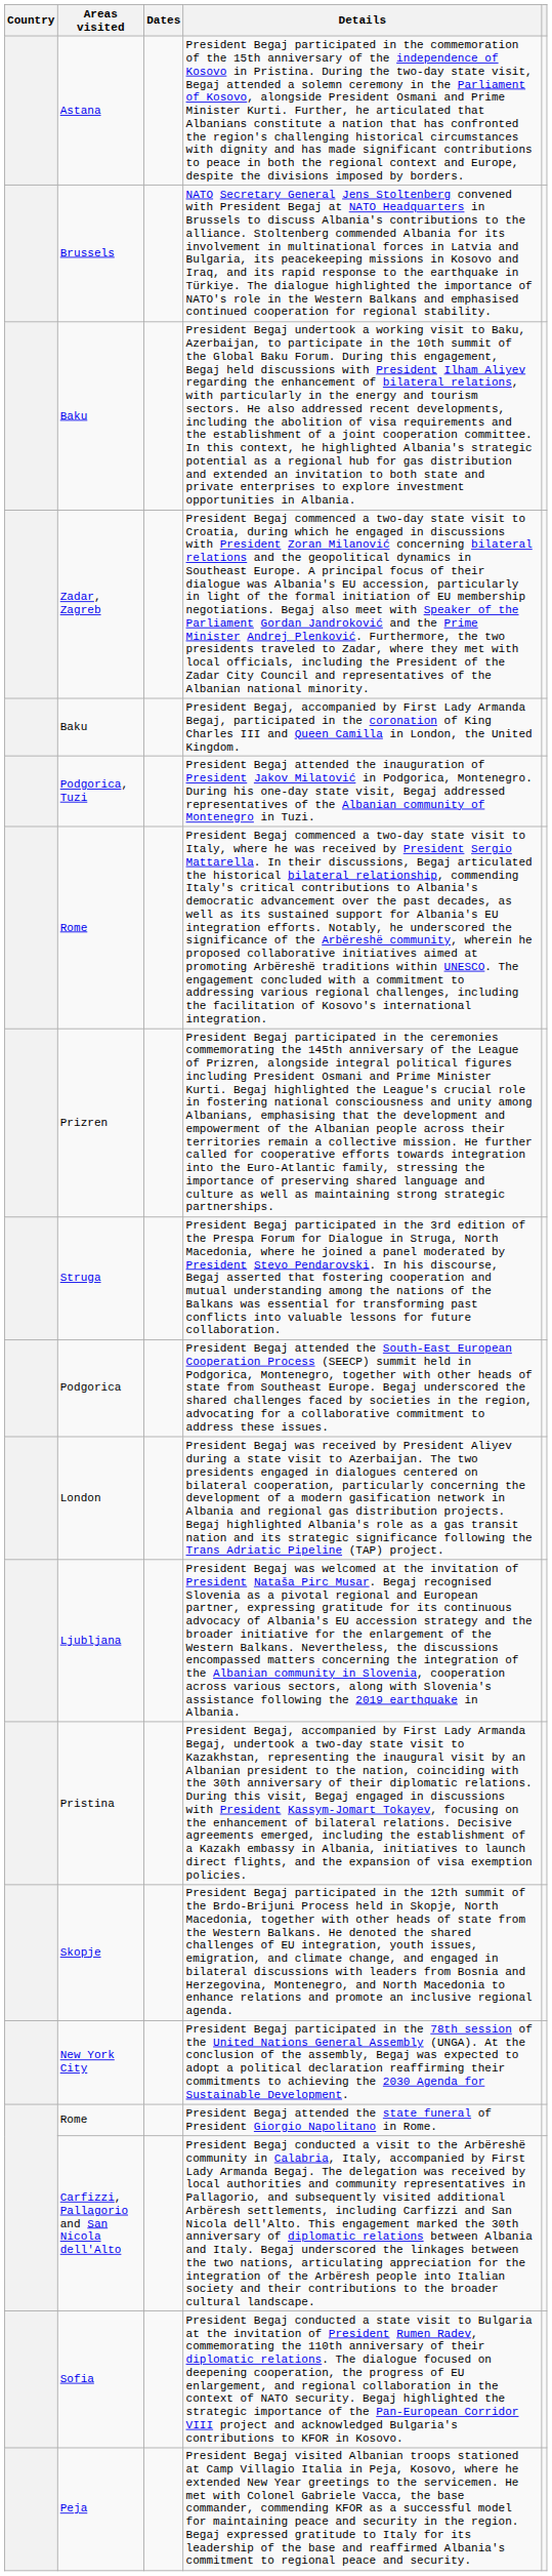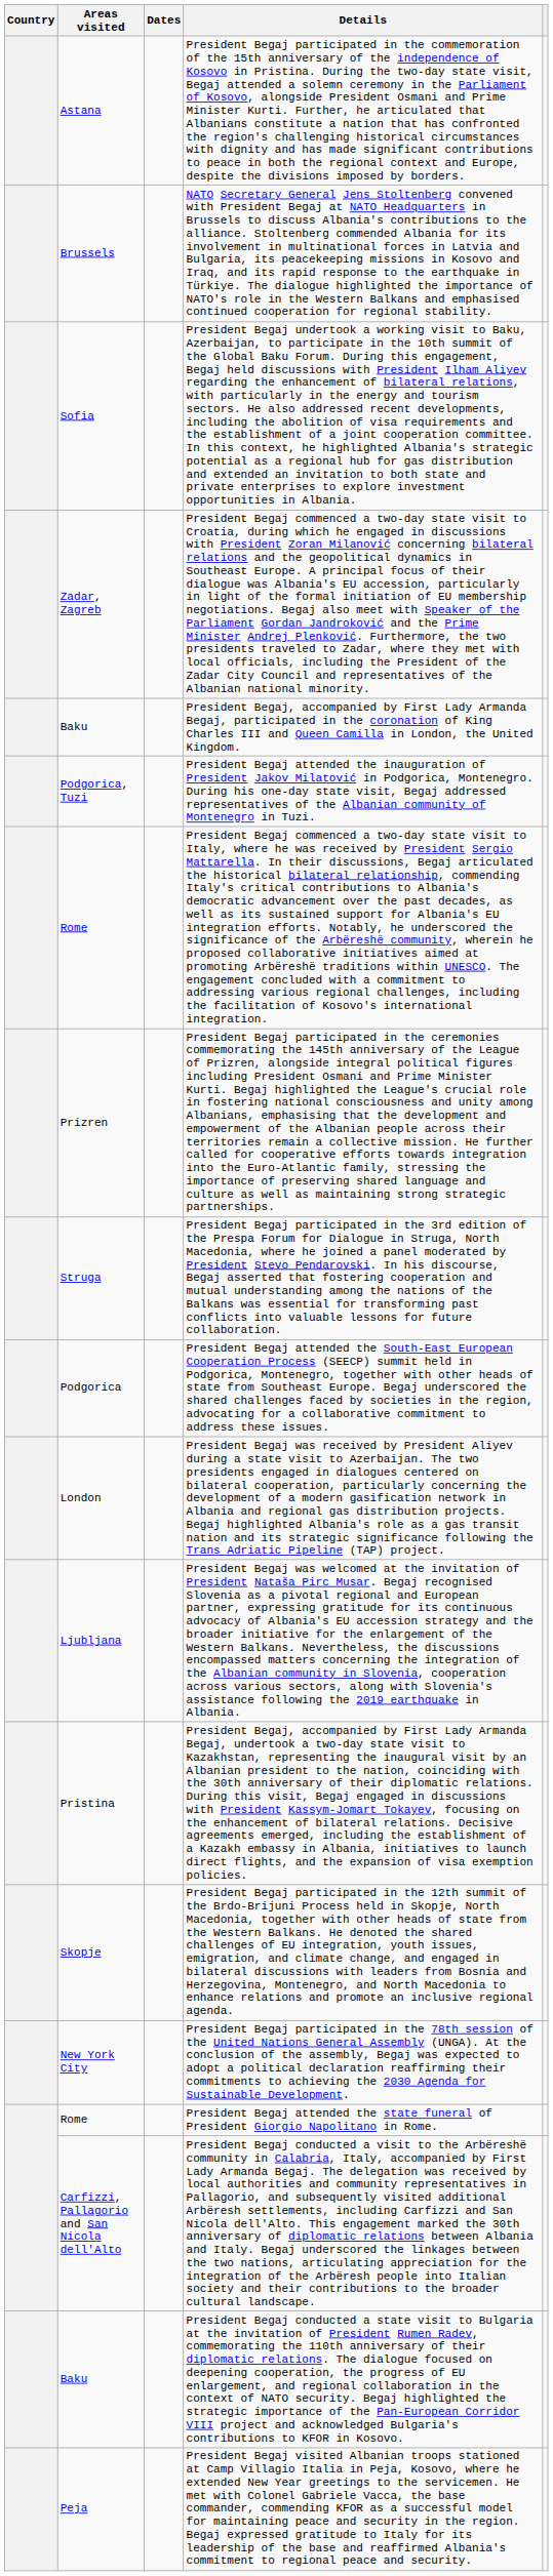 <table class="wikitable sortable" style="margin: 1em auto 1em auto">
 <tr>
 <th>Country</th>
 <th>Areas visited</th>
 <th>Dates</th>
 <th class="unsortable">Details</th>
 <th></th>
 </tr>
 <tr>
 <th></th>
 <td><a href='#'>Astana</a></td>
 <td></td>
 <td>President Begaj participated in the commemoration of the 15th anniversary of the <a href='#'>independence of Kosovo</a> in Pristina. During the two-day state visit, Begaj attended a solemn ceremony in the <a href='#'>Parliament of Kosovo</a>, alongside President Osmani and Prime Minister Kurti. Further, he articulated that Albanians constitute a nation that has confronted the region's challenging historical circumstances with dignity and has made significant contributions to peace in both the regional context and Europe, despite the divisions imposed by borders.</td>
 <td></td>
 </tr>
 <tr>
 <th></th>
 <td><a href='#'>Brussels</a></td>
 <td></td>
 <td><a href='#'>NATO</a> <a href='#'>Secretary General</a> <a href='#'>Jens Stoltenberg</a> convened with President Begaj at <a href='#'>NATO Headquarters</a> in Brussels to discuss Albania's contributions to the alliance. Stoltenberg commended Albania for its involvement in multinational forces in Latvia and Bulgaria, its peacekeeping missions in Kosovo and Iraq, and its rapid response to the earthquake in Türkiye. The dialogue highlighted the importance of NATO's role in the Western Balkans and emphasised continued cooperation for regional stability.</td>
 <td></td>
 </tr>
 <tr>
 <th></th>
-<td><a href='#'>Baku</a></td>
+<td><a href='#'>Sofia</a></td>
 <td></td>
 <td>President Begaj undertook a working visit to Baku, Azerbaijan, to participate in the 10th summit of the Global Baku Forum. During this engagement, Begaj held discussions with <a href='#'>President</a> <a href='#'>Ilham Aliyev</a> regarding the enhancement of <a href='#'>bilateral relations</a>, with particularly in the energy and tourism sectors. He also addressed recent developments, including the abolition of visa requirements and the establishment of a joint cooperation committee. In this context, he highlighted Albania's strategic potential as a regional hub for gas distribution and extended an invitation to both state and private enterprises to explore investment opportunities in Albania.</td>
 <td></td>
 </tr>
 <tr>
 <th></th>
 <td><a href='#'>Zadar</a>, <a href='#'>Zagreb</a></td>
 <td></td>
 <td>President Begaj commenced a two-day state visit to Croatia, during which he engaged in discussions with <a href='#'>President</a> <a href='#'>Zoran Milanović</a> concerning <a href='#'>bilateral relations</a> and the geopolitical dynamics in Southeast Europe. A principal focus of their dialogue was Albania's EU accession, particularly in light of the formal initiation of EU membership negotiations. Begaj also meet with <a href='#'>Speaker of the Parliament</a> <a href='#'>Gordan Jandroković</a> and the <a href='#'>Prime Minister</a> <a href='#'>Andrej Plenković</a>. Furthermore, the two presidents traveled to Zadar, where they met with local officials, including the President of the Zadar City Council and representatives of the Albanian national minority.</td>
 <td></td>
 </tr>
 <tr>
 <th></th>
 <td>Baku</td>
 <td></td>
 <td>President Begaj, accompanied by First Lady Armanda Begaj, participated in the <a href='#'>coronation</a> of King Charles III and <a href='#'>Queen Camilla</a> in London, the United Kingdom.</td>
 <td></td>
 </tr>
 <tr>
 <th></th>
 <td><a href='#'>Podgorica</a>, <a href='#'>Tuzi</a></td>
 <td></td>
 <td>President Begaj attended the inauguration of <a href='#'>President</a> <a href='#'>Jakov Milatović</a> in Podgorica, Montenegro. During his one-day state visit, Begaj addressed representatives of the <a href='#'>Albanian community of Montenegro</a> in Tuzi.</td>
 <td></td>
 </tr>
 <tr>
 <th></th>
 <td><a href='#'>Rome</a></td>
 <td></td>
 <td>President Begaj commenced a two-day state visit to Italy, where he was received by <a href='#'>President</a> <a href='#'>Sergio Mattarella</a>. In their discussions, Begaj articulated the historical <a href='#'>bilateral relationship</a>, commending Italy's critical contributions to Albania's democratic advancement over the past decades, as well as its sustained support for Albania's EU integration efforts. Notably, he underscored the significance of the <a href='#'>Arbëreshë community</a>, wherein he proposed collaborative initiatives aimed at promoting Arbëreshë traditions within <a href='#'>UNESCO</a>. The engagement concluded with a commitment to addressing various regional challenges, including the facilitation of Kosovo's international integration.</td>
 <td></td>
 </tr>
 <tr>
 <th></th>
 <td>Prizren</td>
 <td></td>
 <td>President Begaj participated in the ceremonies commemorating the 145th anniversary of the League of Prizren, alongside integral political figures including President Osmani and Prime Minister Kurti. Begaj highlighted the League's crucial role in fostering national consciousness and unity among Albanians, emphasising that the development and empowerment of the Albanian people across their territories remain a collective mission. He further called for cooperative efforts towards integration into the Euro-Atlantic family, stressing the importance of preserving shared language and culture as well as maintaining strong strategic partnerships.</td>
 <td></td>
 </tr>
 <tr>
 <th></th>
 <td><a href='#'>Struga</a></td>
 <td></td>
 <td>President Begaj participated in the 3rd edition of the Prespa Forum for Dialogue in Struga, North Macedonia, where he joined a panel moderated by <a href='#'>President</a> <a href='#'>Stevo Pendarovski</a>. In his discourse, Begaj asserted that fostering cooperation and mutual understanding among the nations of the Balkans was essential for transforming past conflicts into valuable lessons for future collaboration.</td>
 <td></td>
 </tr>
 <tr>
 <th></th>
 <td>Podgorica</td>
 <td></td>
 <td>President Begaj attended the <a href='#'>South-East European Cooperation Process</a> (SEECP) summit held in Podgorica, Montenegro, together with other heads of state from Southeast Europe. Begaj underscored the shared challenges faced by societies in the region, advocating for a collaborative commitment to address these issues.</td>
 <td></td>
 </tr>
 <tr>
 <th></th>
 <td>London</td>
 <td></td>
 <td>President Begaj was received by President Aliyev during a state visit to Azerbaijan. The two presidents engaged in dialogues centered on bilateral cooperation, particularly concerning the development of a modern gasification network in Albania and regional gas distribution projects. Begaj highlighted Albania's role as a gas transit nation and its strategic significance following the <a href='#'>Trans Adriatic Pipeline</a> (TAP) project.</td>
 <td></td>
 </tr>
 <tr>
 <th></th>
 <td><a href='#'>Ljubljana</a></td>
 <td></td>
 <td>President Begaj was welcomed at the invitation of <a href='#'>President</a> <a href='#'>Nataša Pirc Musar</a>. Begaj recognised Slovenia as a pivotal regional and European partner, expressing gratitude for its continuous advocacy of Albania's EU accession strategy and the broader initiative for the enlargement of the Western Balkans. Nevertheless, the discussions encompassed matters concerning the integration of the <a href='#'>Albanian community in Slovenia</a>, cooperation across various sectors, along with Slovenia's assistance following the <a href='#'>2019 earthquake</a> in Albania.</td>
 <td></td>
 </tr>
 <tr>
 <th></th>
 <td>Pristina</td>
 <td></td>
 <td>President Begaj, accompanied by First Lady Armanda Begaj, undertook a two-day state visit to Kazakhstan, representing the inaugural visit by an Albanian president to the nation, coinciding with the 30th anniversary of their diplomatic relations. During this visit, Begaj engaged in discussions with <a href='#'>President</a> <a href='#'>Kassym-Jomart Tokayev</a>, focusing on the enhancement of bilateral relations. Decisive agreements emerged, including the establishment of a Kazakh embassy in Albania, initiatives to launch direct flights, and the expansion of visa exemption policies.</td>
 <td></td>
 </tr>
 <tr>
 <th></th>
 <td><a href='#'>Skopje</a></td>
 <td></td>
 <td>President Begaj participated in the 12th summit of the Brdo-Brijuni Process held in Skopje, North Macedonia, together with other heads of state from the Western Balkans. He denoted the shared challenges of EU integration, youth issues, emigration, and climate change, and engaged in bilateral discussions with leaders from Bosnia and Herzegovina, Montenegro, and North Macedonia to enhance relations and promote an inclusive regional agenda.</td>
 <td></td>
 </tr>
 <tr>
 <th></th>
 <td><a href='#'>New York City</a></td>
 <td></td>
 <td>President Begaj participated in the <a href='#'>78th session</a> of the <a href='#'>United Nations General Assembly</a> (UNGA). At the conclusion of the assembly, Begaj was expected to adopt a political declaration reaffirming their commitments to achieving the <a href='#'>2030 Agenda for Sustainable Development</a>.</td>
 <td></td>
 </tr>
 <tr>
 <th rowspan=2></th>
 <td>Rome</td>
 <td></td>
 <td>President Begaj attended the <a href='#'>state funeral</a> of President <a href='#'>Giorgio Napolitano</a> in Rome.</td>
 <td></td>
 </tr>
 <tr>
 <td><a href='#'>Carfizzi</a>, <a href='#'>Pallagorio</a> and <a href='#'>San Nicola dell'Alto</a></td>
 <td></td>
 <td>President Begaj conducted a visit to the Arbëreshë community in <a href='#'>Calabria</a>, Italy, accompanied by First Lady Armanda Begaj. The delegation was received by local authorities and community representatives in Pallagorio, and subsequently visited additional Arbëresh settlements, including Carfizzi and San Nicola dell'Alto. This engagement marked the 30th anniversary of <a href='#'>diplomatic relations</a> between Albania and Italy. Begaj underscored the linkages between the two nations, articulating appreciation for the integration of the Arbëresh people into Italian society and their contributions to the broader cultural landscape.</td>
 <td></td>
 </tr>
 <tr>
 <th></th>
-<td><a href='#'>Sofia</a></td>
+<td><a href='#'>Baku</a></td>
 <td></td>
 <td>President Begaj conducted a state visit to Bulgaria at the invitation of <a href='#'>President</a> <a href='#'>Rumen Radev</a>, commemorating the 110th anniversary of their <a href='#'>diplomatic relations</a>. The dialogue focused on deepening cooperation, the progress of EU enlargement, and regional collaboration in the context of NATO security. Begaj highlighted the strategic importance of the <a href='#'>Pan-European Corridor VIII</a> project and acknowledged Bulgaria's contributions to KFOR in Kosovo.</td>
 <td></td>
 </tr>
 <tr>
 <th></th>
 <td><a href='#'>Peja</a></td>
 <td></td>
 <td>President Begaj visited Albanian troops stationed at Camp Villagio Italia in Peja, Kosovo, where he extended New Year greetings to the servicemen. He met with Colonel Gabriele Vacca, the base commander, commending KFOR as a successful model for maintaining peace and security in the region. Begaj expressed gratitude to Italy for its leadership of the base and reaffirmed Albania's commitment to regional peace and security.</td>
 <td></td>
 </tr>
 </table>
